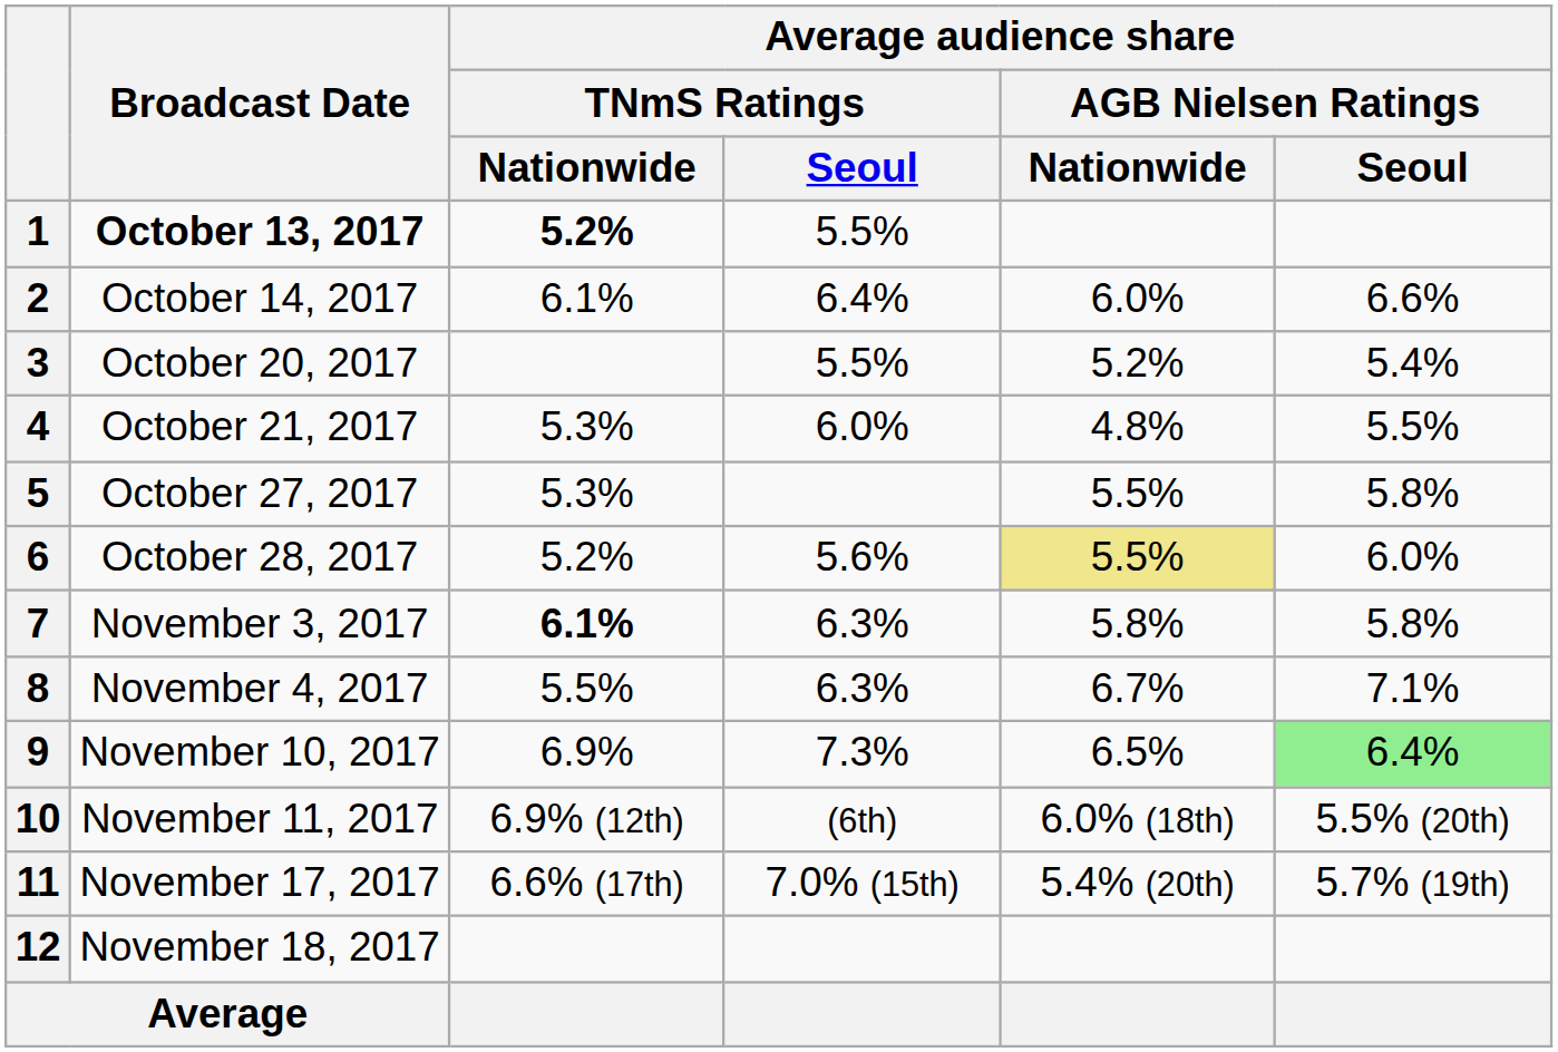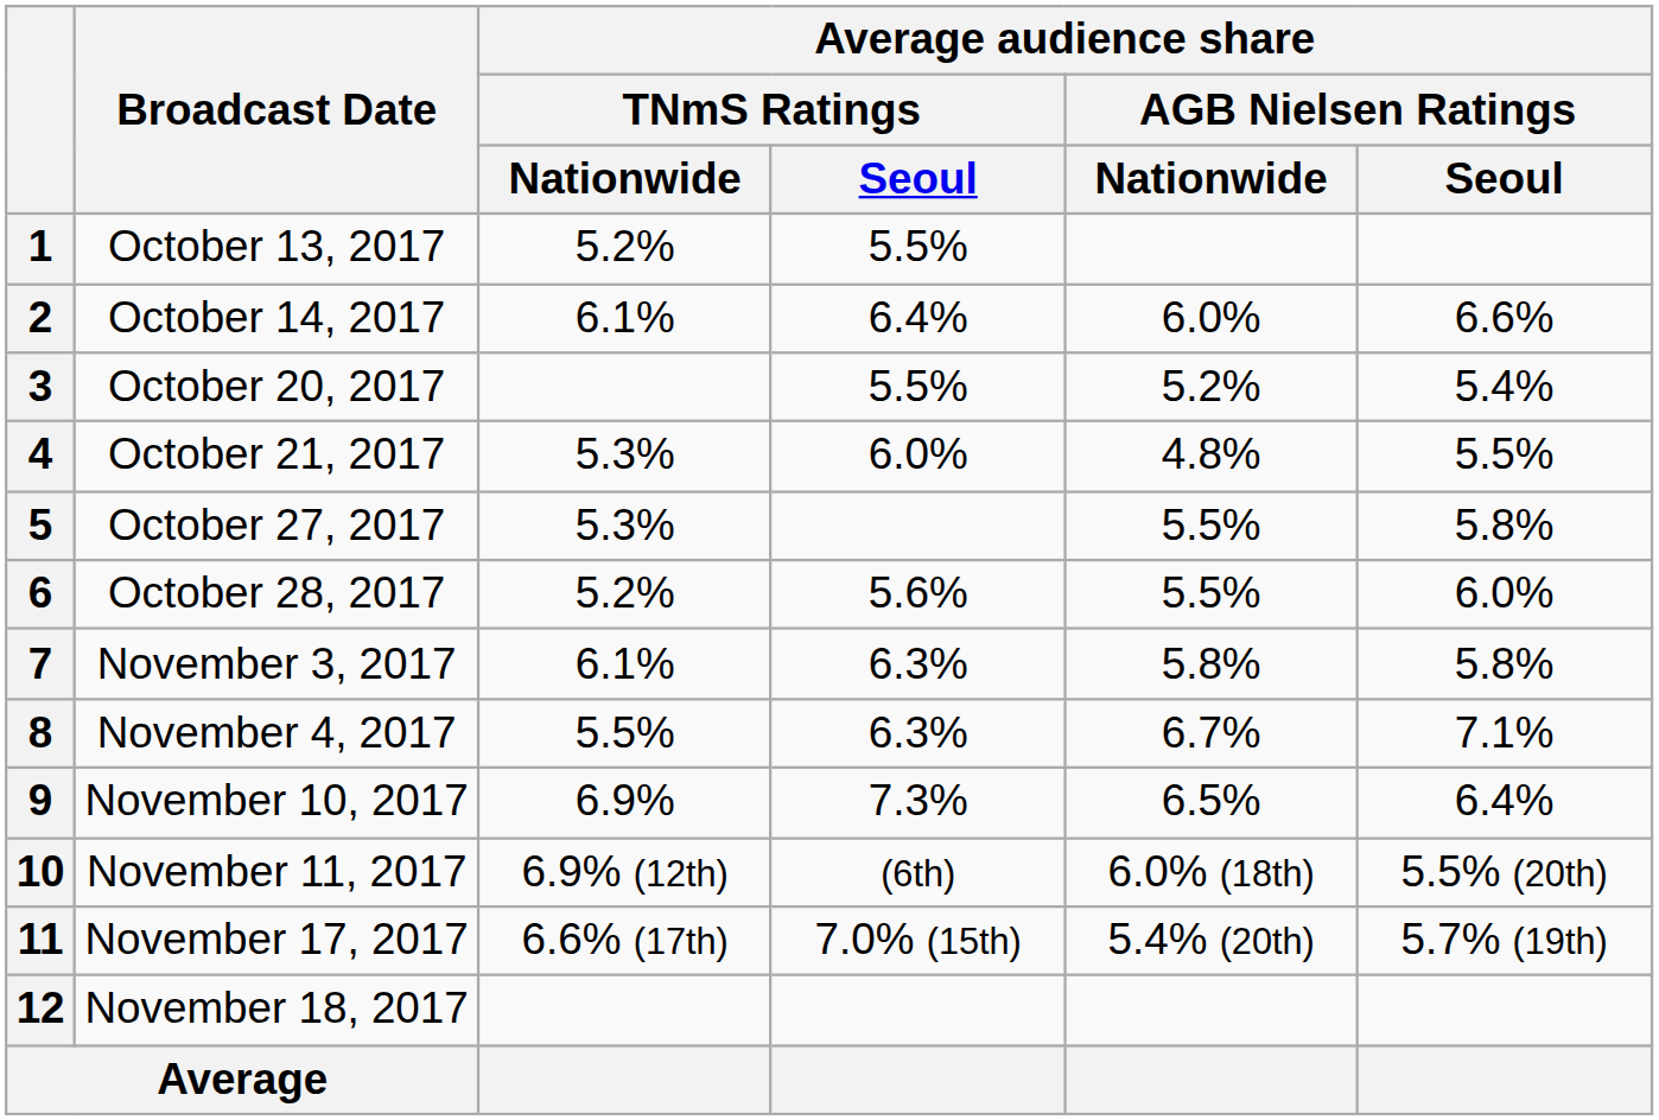 <table class="wikitable" style="text-align:center;">
 <tr>
 <th rowspan="3"></th>
 <th rowspan="3">Broadcast Date</th>
 <th colspan="4">Average audience share</th>
 </tr>
 <tr>
 <th colspan="2">TNmS Ratings</th>
 <th colspan="2">AGB Nielsen Ratings</th>
 </tr>
 <tr>
 <th width="100">Nationwide</th>
 <th width="100"><a href='#'>Seoul</a></th>
 <th width="100">Nationwide</th>
 <th width="100">Seoul</th>
 </tr>
 <tr>
 <th>1</th>
-<td><strong>October 13, 2017</strong></td>
-<td><strong>5.2% </strong></td>
+<td>October 13, 2017</td>
+<td>5.2% </td>
 <td>5.5% </td>
 <td> </td>
 <td> </td>
 </tr>
 <tr>
 <th>2</th>
 <td>October 14, 2017</td>
 <td>6.1% </td>
 <td>6.4% </td>
 <td>6.0% </td>
 <td>6.6% </td>
 </tr>
 <tr>
 <th>3</th>
 <td>October 20, 2017</td>
 <td> </td>
 <td>5.5% </td>
 <td>5.2% </td>
 <td>5.4% </td>
 </tr>
 <tr>
 <th>4</th>
 <td>October 21, 2017</td>
 <td>5.3% </td>
 <td>6.0% </td>
 <td>4.8% </td>
 <td>5.5% </td>
 </tr>
 <tr>
 <th>5</th>
 <td>October 27, 2017</td>
 <td>5.3% </td>
 <td> </td>
 <td>5.5% </td>
 <td>5.8% </td>
 </tr>
 <tr>
 <th>6</th>
 <td>October 28, 2017</td>
 <td>5.2% </td>
 <td>5.6% </td>
-<td style="background: khaki;">5.5% </td>
+<td>5.5% </td>
 <td>6.0% </td>
 </tr>
 <tr>
 <th>7</th>
 <td>November 3, 2017</td>
-<td><strong>6.1% </strong></td>
+<td>6.1% </td>
 <td>6.3% </td>
 <td>5.8% </td>
 <td>5.8% </td>
 </tr>
 <tr>
 <th>8</th>
 <td>November 4, 2017</td>
 <td>5.5% </td>
 <td>6.3% </td>
 <td>6.7% </td>
 <td>7.1% </td>
 </tr>
 <tr>
 <th>9</th>
 <td>November 10, 2017</td>
 <td>6.9% </td>
 <td>7.3% </td>
 <td>6.5% </td>
-<td style="background: lightgreen;">6.4% </td>
+<td>6.4% </td>
 </tr>
 <tr>
 <th>10</th>
 <td>November 11, 2017</td>
 <td>6.9% <small>(12th)</small></td>
 <td><strong></strong> <small>(6th)</small></td>
 <td>6.0% <small>(18th)</small></td>
 <td>5.5% <small>(20th)</small></td>
 </tr>
 <tr>
 <th>11</th>
 <td>November 17, 2017</td>
 <td>6.6% <small>(17th)</small></td>
 <td>7.0% <small>(15th)</small></td>
 <td>5.4% <small>(20th)</small></td>
 <td>5.7% <small>(19th)</small></td>
 </tr>
 <tr>
 <th>12</th>
 <td>November 18, 2017</td>
 <td> </td>
 <td> </td>
 <td> </td>
 <td> </td>
 </tr>
 <tr>
 <th colspan="2">Average</th>
 <th></th>
 <th></th>
 <th></th>
 <th></th>
 </tr>
 </table>
